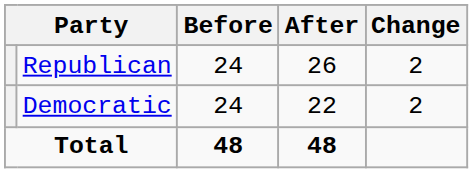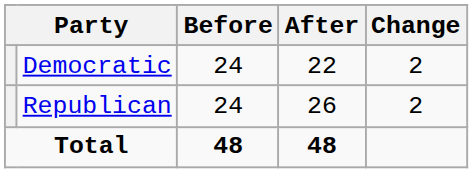 <table class="wikitable" style="text-align:center;">
 <tr>
 <th colspan="2">Party</th>
 <th>Before</th>
 <th>After</th>
 <th>Change</th>
 </tr>
 <tr>
 <th style="background-color:"></th>
-<td style="text-align:left;"><a href='#'>Republican</a></td>
+<td style="text-align:left;"><a href='#'>Democratic</a></td>
 <td>24</td>
-<td>26</td>
+<td>22</td>
 <td> 2</td>
 </tr>
 <tr>
 <th style="background-color:"></th>
-<td style="text-align:left;"><a href='#'>Democratic</a></td>
+<td style="text-align:left;"><a href='#'>Republican</a></td>
 <td>24</td>
-<td>22</td>
+<td>26</td>
 <td> 2</td>
 </tr>
 <tr>
 <td colspan="2"><strong>Total</strong></td>
 <td><strong>48</strong></td>
 <td><strong>48</strong></td>
 <td></td>
 </tr>
 </table>
